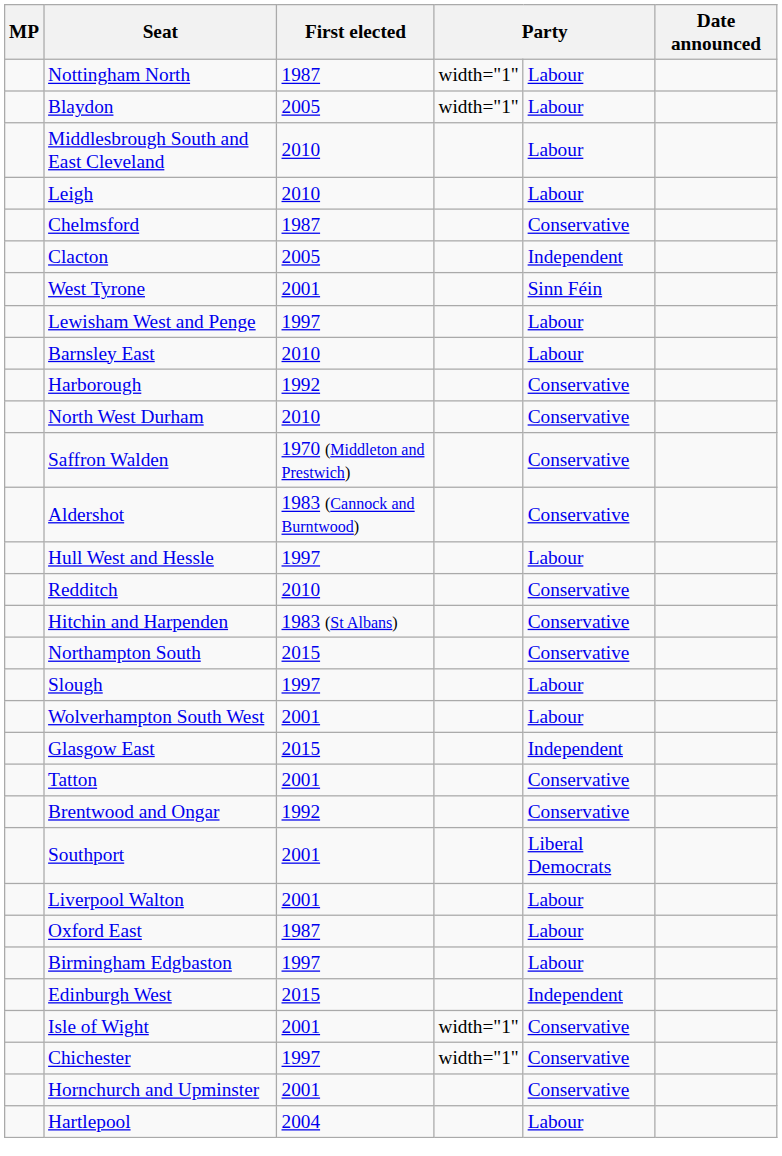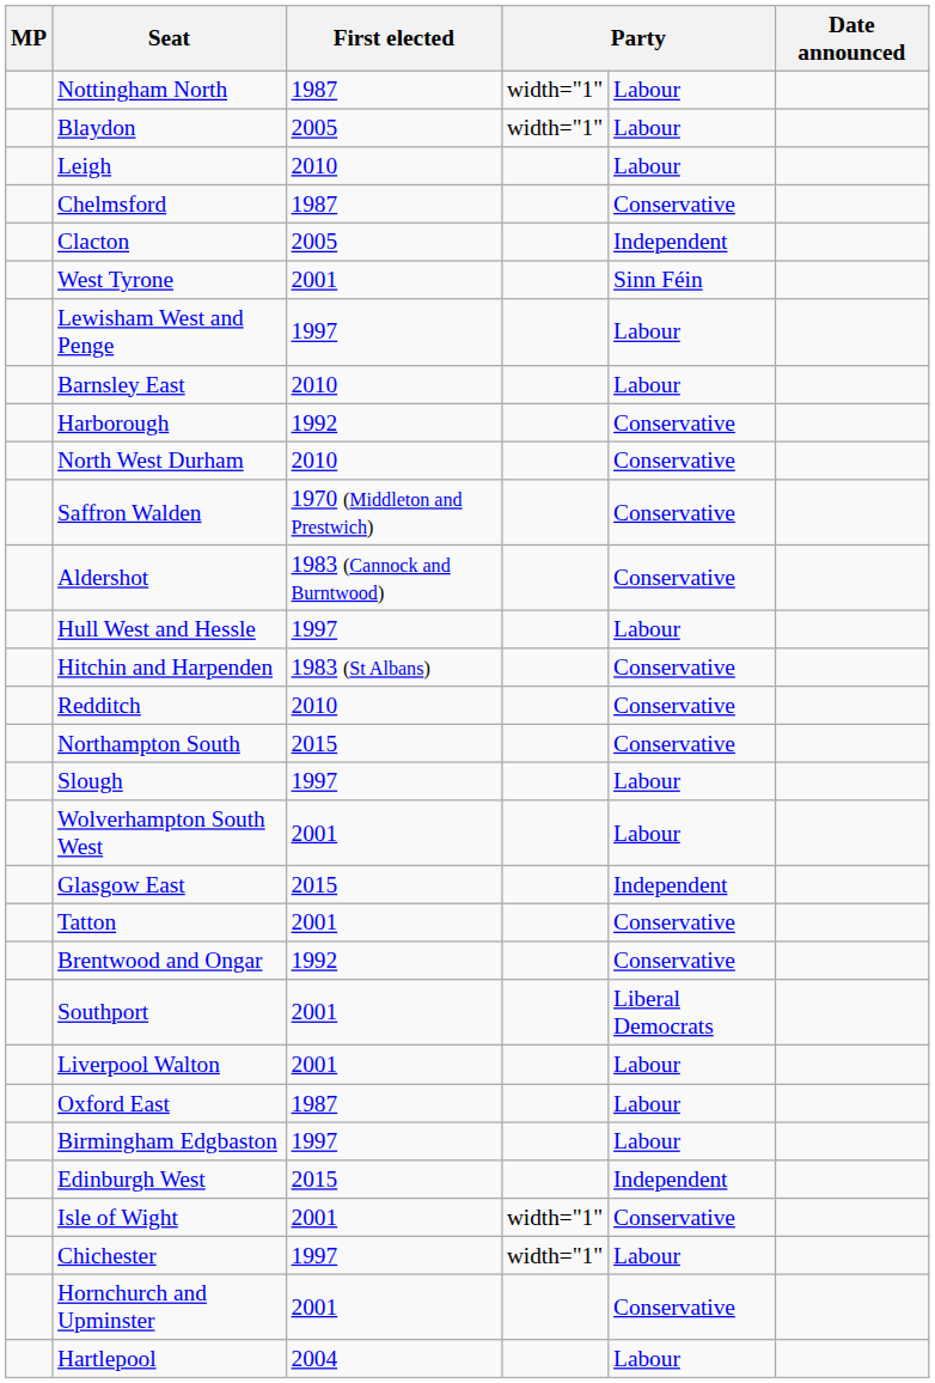 <table class="wikitable sortable" style="font-size:95%;">
 <tr>
 <th scope="col">MP</th>
 <th scope="col">Seat</th>
 <th scope="col">First elected</th>
 <th colspan="2" scope="col">Party</th>
 <th scope="col">Date announced</th>
 </tr>
 <tr>
 <td></td>
 <td><a href='#'>Nottingham North</a></td>
 <td><a href='#'>1987</a></td>
 <td>width="1" </td>
 <td><a href='#'>Labour</a></td>
 <td></td>
 </tr>
 <tr>
 <td></td>
 <td><a href='#'>Blaydon</a></td>
 <td><a href='#'>2005</a></td>
 <td>width="1" </td>
-<td><a href='#'>Labour</a></td>
-<td></td>
-</tr>
-<tr>
-<td></td>
-<td><a href='#'>Middlesbrough South and East Cleveland</a></td>
-<td><a href='#'>2010</a></td>
-<td></td>
 <td><a href='#'>Labour</a></td>
 <td></td>
 </tr>
 <tr>
 <td></td>
 <td><a href='#'>Leigh</a></td>
 <td><a href='#'>2010</a></td>
 <td></td>
 <td><a href='#'>Labour</a></td>
 <td></td>
 </tr>
 <tr>
 <td></td>
 <td><a href='#'>Chelmsford</a></td>
 <td><a href='#'>1987</a></td>
 <td></td>
 <td><a href='#'>Conservative</a></td>
 <td></td>
 </tr>
 <tr>
 <td></td>
 <td><a href='#'>Clacton</a></td>
 <td><a href='#'>2005</a></td>
 <td></td>
 <td><a href='#'>Independent</a> </td>
 <td></td>
 </tr>
 <tr>
 <td></td>
 <td><a href='#'>West Tyrone</a></td>
 <td><a href='#'>2001</a></td>
 <td></td>
 <td><a href='#'>Sinn Féin</a></td>
 <td></td>
 </tr>
 <tr>
 <td></td>
 <td><a href='#'>Lewisham West and Penge</a></td>
 <td><a href='#'>1997</a></td>
 <td></td>
 <td><a href='#'>Labour</a></td>
 <td></td>
 </tr>
 <tr>
 <td></td>
 <td><a href='#'>Barnsley East</a></td>
 <td><a href='#'>2010</a></td>
 <td></td>
 <td><a href='#'>Labour</a></td>
 <td></td>
 </tr>
 <tr>
 <td></td>
 <td><a href='#'>Harborough</a></td>
 <td><a href='#'>1992</a></td>
 <td></td>
 <td><a href='#'>Conservative</a></td>
 <td></td>
 </tr>
 <tr>
 <td></td>
 <td><a href='#'>North West Durham</a></td>
 <td><a href='#'>2010</a></td>
 <td></td>
 <td><a href='#'>Conservative</a></td>
 <td></td>
 </tr>
 <tr>
 <td></td>
 <td><a href='#'>Saffron Walden</a></td>
 <td><a href='#'>1970</a> <small>(<a href='#'>Middleton and Prestwich</a>)</small></td>
 <td></td>
 <td><a href='#'>Conservative</a></td>
 <td></td>
 </tr>
 <tr>
 <td></td>
 <td><a href='#'>Aldershot</a></td>
 <td><a href='#'>1983</a> <small>(<a href='#'>Cannock and Burntwood</a>)</small></td>
 <td></td>
 <td><a href='#'>Conservative</a></td>
 <td></td>
 </tr>
 <tr>
 <td></td>
 <td><a href='#'>Hull West and Hessle</a></td>
 <td><a href='#'>1997</a></td>
 <td></td>
 <td><a href='#'>Labour</a></td>
 <td></td>
 </tr>
 <tr>
 <td></td>
-<td><a href='#'>Redditch</a></td>
-<td><a href='#'>2010</a></td>
+<td><a href='#'>Hitchin and Harpenden</a></td>
+<td><a href='#'>1983</a> <small>(<a href='#'>St Albans</a>)</small></td>
 <td></td>
 <td><a href='#'>Conservative</a></td>
 <td></td>
 </tr>
 <tr>
 <td></td>
-<td><a href='#'>Hitchin and Harpenden</a></td>
-<td><a href='#'>1983</a> <small>(<a href='#'>St Albans</a>)</small></td>
+<td><a href='#'>Redditch</a></td>
+<td><a href='#'>2010</a></td>
 <td></td>
 <td><a href='#'>Conservative</a></td>
 <td></td>
 </tr>
 <tr>
 <td></td>
 <td><a href='#'>Northampton South</a></td>
 <td><a href='#'>2015</a></td>
 <td></td>
 <td><a href='#'>Conservative</a></td>
 <td></td>
 </tr>
 <tr>
 <td></td>
 <td><a href='#'>Slough</a></td>
 <td><a href='#'>1997</a></td>
 <td></td>
 <td><a href='#'>Labour</a></td>
 <td></td>
 </tr>
 <tr>
 <td></td>
 <td><a href='#'>Wolverhampton South West</a></td>
 <td><a href='#'>2001</a></td>
 <td></td>
 <td><a href='#'>Labour</a></td>
 <td></td>
 </tr>
 <tr>
 <td></td>
 <td><a href='#'>Glasgow East</a></td>
 <td><a href='#'>2015</a></td>
 <td></td>
 <td><a href='#'>Independent</a> </td>
 <td></td>
 </tr>
 <tr>
 <td></td>
 <td><a href='#'>Tatton</a></td>
 <td><a href='#'>2001</a></td>
 <td></td>
 <td><a href='#'>Conservative</a></td>
 <td></td>
 </tr>
 <tr>
 <td></td>
 <td><a href='#'>Brentwood and Ongar</a></td>
 <td><a href='#'>1992</a></td>
 <td></td>
 <td><a href='#'>Conservative</a></td>
 <td></td>
 </tr>
 <tr>
 <td></td>
 <td><a href='#'>Southport</a></td>
 <td><a href='#'>2001</a></td>
 <td></td>
 <td><a href='#'>Liberal Democrats</a></td>
 <td></td>
 </tr>
 <tr>
 <td></td>
 <td><a href='#'>Liverpool Walton</a></td>
 <td><a href='#'>2001</a></td>
 <td></td>
 <td><a href='#'>Labour</a></td>
 <td></td>
 </tr>
 <tr>
 <td></td>
 <td><a href='#'>Oxford East</a></td>
 <td><a href='#'>1987</a></td>
 <td></td>
 <td><a href='#'>Labour</a></td>
 <td></td>
 </tr>
 <tr>
 <td></td>
 <td><a href='#'>Birmingham Edgbaston</a></td>
 <td><a href='#'>1997</a></td>
 <td></td>
 <td><a href='#'>Labour</a></td>
 <td></td>
 </tr>
 <tr>
 <td></td>
 <td><a href='#'>Edinburgh West</a></td>
 <td><a href='#'>2015</a></td>
 <td></td>
 <td><a href='#'>Independent</a> </td>
 <td></td>
 </tr>
 <tr>
 <td></td>
 <td><a href='#'>Isle of Wight</a></td>
 <td><a href='#'>2001</a></td>
 <td>width="1" </td>
 <td><a href='#'>Conservative</a></td>
 <td></td>
 </tr>
 <tr>
 <td></td>
 <td><a href='#'>Chichester</a></td>
 <td><a href='#'>1997</a></td>
 <td>width="1" </td>
-<td><a href='#'>Conservative</a></td>
+<td><a href='#'>Labour</a></td>
 <td></td>
 </tr>
 <tr>
 <td></td>
 <td><a href='#'>Hornchurch and Upminster</a></td>
 <td><a href='#'>2001</a></td>
 <td></td>
 <td><a href='#'>Conservative</a></td>
 <td></td>
 </tr>
 <tr>
 <td></td>
 <td><a href='#'>Hartlepool</a></td>
 <td><a href='#'>2004</a></td>
 <td></td>
 <td><a href='#'>Labour</a></td>
 <td></td>
 </tr>
 </table>
